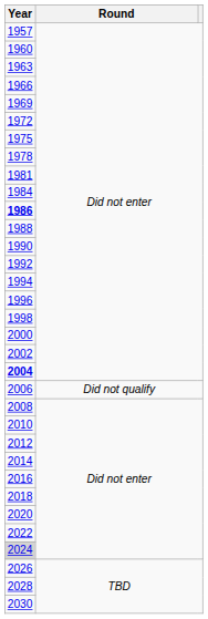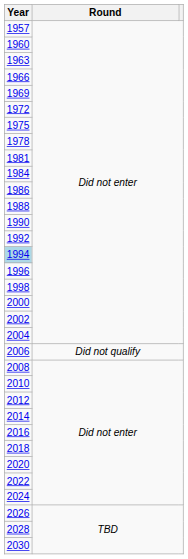 <table class="wikitable" style="text-align: center; font-size:90%">
 <tr>
 <th>Year</th>
 <th style="width:200px">Round</th>
 <th></th>
 </tr>
 <tr>
 <td><a href='#'>1957</a></td>
 <td colspan="2" rowspan="20"><em>Did not enter</em></td>
 </tr>
 <tr>
 <td><a href='#'>1960</a></td>
 </tr>
 <tr>
 <td><a href='#'>1963</a></td>
 </tr>
 <tr>
 <td><a href='#'>1966</a></td>
 </tr>
 <tr>
 <td><a href='#'>1969</a></td>
 </tr>
 <tr>
 <td><a href='#'>1972</a></td>
 </tr>
 <tr>
 <td><a href='#'>1975</a></td>
 </tr>
 <tr>
 <td><a href='#'>1978</a></td>
 </tr>
 <tr>
 <td><a href='#'>1981</a></td>
 </tr>
 <tr>
 <td><a href='#'>1984</a></td>
 </tr>
 <tr>
-<td><strong><a href='#'>1986</a></strong></td>
+<td><a href='#'>1986</a></td>
 </tr>
 <tr>
 <td><a href='#'>1988</a></td>
 </tr>
 <tr>
 <td><a href='#'>1990</a></td>
 </tr>
 <tr>
 <td><a href='#'>1992</a></td>
 </tr>
 <tr>
-<td><a href='#'>1994</a></td>
+<td style="background: lightblue;"><a href='#'>1994</a></td>
 </tr>
 <tr>
 <td><a href='#'>1996</a></td>
 </tr>
 <tr>
 <td><a href='#'>1998</a></td>
 </tr>
 <tr>
 <td><a href='#'>2000</a></td>
 </tr>
 <tr>
 <td><a href='#'>2002</a></td>
 </tr>
 <tr>
-<td><strong><a href='#'>2004</a></strong></td>
+<td><a href='#'>2004</a></td>
 </tr>
 <tr>
 <td><a href='#'>2006</a></td>
 <td colspan="2"><em>Did not qualify</em></td>
 </tr>
 <tr>
 <td><a href='#'>2008</a></td>
 <td colspan="2" rowspan="9"><em>Did not enter</em></td>
 </tr>
 <tr>
 <td><a href='#'>2010</a></td>
 </tr>
 <tr>
 <td><a href='#'>2012</a></td>
 </tr>
 <tr>
 <td><a href='#'>2014</a></td>
 </tr>
 <tr>
 <td><a href='#'>2016</a></td>
 </tr>
 <tr>
 <td><a href='#'>2018</a></td>
 </tr>
 <tr>
 <td><a href='#'>2020</a></td>
 </tr>
 <tr>
 <td><a href='#'>2022</a></td>
 </tr>
 <tr>
-<td style="background: lightgrey;"><a href='#'>2024</a></td>
+<td><a href='#'>2024</a></td>
 </tr>
 <tr>
 <td><a href='#'>2026</a></td>
 <td colspan="2" rowspan="3"><em>TBD</em></td>
 </tr>
 <tr>
 <td><a href='#'>2028</a></td>
 </tr>
 <tr>
 <td><a href='#'>2030</a></td>
 </tr>
 </table>
